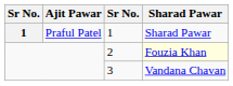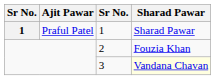 <table class="wikitable">
 <tr>
 <th>Sr No.</th>
 <th>Ajit Pawar</th>
 <th>Sr No.</th>
 <th>Sharad Pawar</th>
 </tr>
 <tr>
 <th>1</th>
 <td><a href='#'>Praful Patel</a></td>
 <td>1</td>
 <td><a href='#'>Sharad Pawar</a></td>
 </tr>
 <tr>
 <td colspan="2" rowspan="2"></td>
 <td>2</td>
-<td style="background: lightyellow;"><a href='#'>Fouzia Khan</a></td>
+<td><a href='#'>Fouzia Khan</a></td>
 </tr>
 <tr>
 <td>3</td>
-<td><a href='#'>Vandana Chavan</a></td>
+<td style="background: lightyellow;"><a href='#'>Vandana Chavan</a></td>
 </tr>
 </table>
